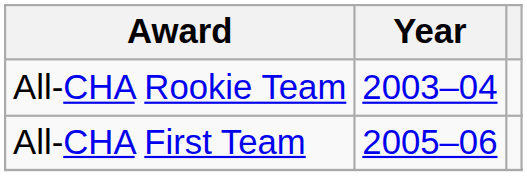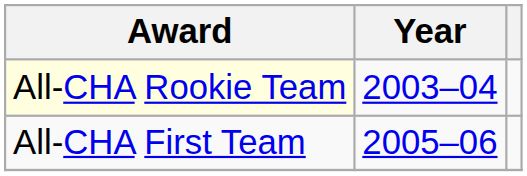 <table class="wikitable">
 <tr>
 <th>Award</th>
 <th>Year</th>
 <th></th>
 </tr>
 <tr>
-<td>All-<a href='#'>CHA</a> <a href='#'>Rookie Team</a></td>
+<td style="background: lightyellow;">All-<a href='#'>CHA</a> <a href='#'>Rookie Team</a></td>
 <td><a href='#'>2003–04</a></td>
 <td></td>
 </tr>
 <tr>
 <td>All-<a href='#'>CHA</a> <a href='#'>First Team</a></td>
 <td><a href='#'>2005–06</a></td>
 <td></td>
 </tr>
 <tr>
 </tr>
 </table>
